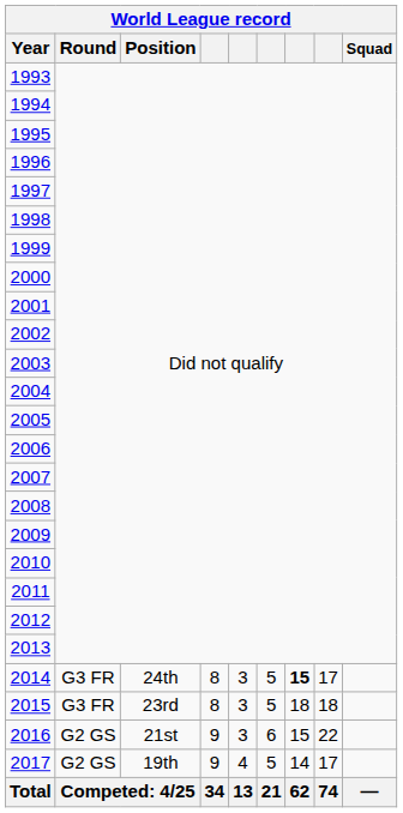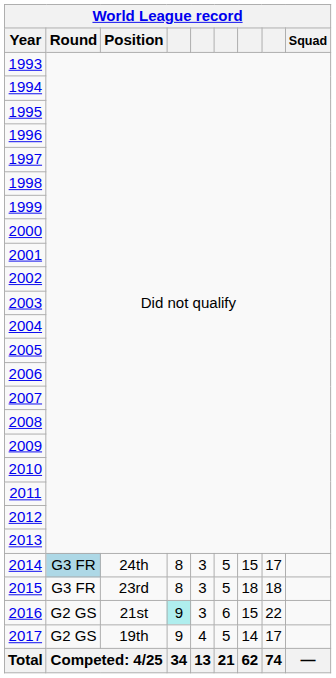 <table class="wikitable" style="text-align: center;">
 <tr>
 <th colspan=9><a href='#'>World League record</a></th>
 </tr>
 <tr>
 <th>Year</th>
 <th>Round</th>
 <th>Position</th>
 <th></th>
 <th></th>
 <th></th>
 <th></th>
 <th></th>
 <th><small>Squad</small></th>
 </tr>
 <tr>
 <td> <a href='#'>1993</a></td>
 <td colspan=8 rowspan=21>Did not qualify</td>
 </tr>
 <tr>
 <td> <a href='#'>1994</a></td>
 </tr>
 <tr>
 <td> <a href='#'>1995</a></td>
 </tr>
 <tr>
 <td> <a href='#'>1996</a></td>
 </tr>
 <tr>
 <td> <a href='#'>1997</a></td>
 </tr>
 <tr>
 <td> <a href='#'>1998</a></td>
 </tr>
 <tr>
 <td> <a href='#'>1999</a></td>
 </tr>
 <tr>
 <td> <a href='#'>2000</a></td>
 </tr>
 <tr>
 <td> <a href='#'>2001</a></td>
 </tr>
 <tr>
 <td> <a href='#'>2002</a></td>
 </tr>
 <tr>
 <td> <a href='#'>2003</a></td>
 </tr>
 <tr>
 <td> <a href='#'>2004</a></td>
 </tr>
 <tr>
 <td> <a href='#'>2005</a></td>
 </tr>
 <tr>
 <td> <a href='#'>2006</a></td>
 </tr>
 <tr>
 <td> <a href='#'>2007</a></td>
 </tr>
 <tr>
 <td> <a href='#'>2008</a></td>
 </tr>
 <tr>
 <td> <a href='#'>2009</a></td>
 </tr>
 <tr>
 <td> <a href='#'>2010</a></td>
 </tr>
 <tr>
 <td> <a href='#'>2011</a></td>
 </tr>
 <tr>
 <td> <a href='#'>2012</a></td>
 </tr>
 <tr>
 <td> <a href='#'>2013</a></td>
 </tr>
 <tr>
 <td> <a href='#'>2014</a></td>
-<td>G3 FR</td>
+<td style="background: lightblue;">G3 FR</td>
 <td>24th</td>
 <td>8</td>
 <td>3</td>
 <td>5</td>
-<td><strong>15</strong></td>
+<td>15</td>
 <td>17</td>
 <td></td>
 </tr>
 <tr>
 <td> <a href='#'>2015</a></td>
 <td>G3 FR</td>
 <td>23rd</td>
 <td>8</td>
 <td>3</td>
 <td>5</td>
 <td>18</td>
 <td>18</td>
 <td></td>
 </tr>
 <tr>
 <td> <a href='#'>2016</a></td>
 <td>G2 GS</td>
 <td>21st</td>
-<td>9</td>
+<td style="background: paleturquoise;">9</td>
 <td>3</td>
 <td>6</td>
 <td>15</td>
 <td>22</td>
 <td></td>
 </tr>
 <tr>
 <td> <a href='#'>2017</a></td>
 <td>G2 GS</td>
 <td>19th</td>
 <td>9</td>
 <td>4</td>
 <td>5</td>
 <td>14</td>
 <td>17</td>
 <td></td>
 </tr>
 <tr bgcolor="efefef">
 <th>Total</th>
 <th colspan="2">Competed: 4/25</th>
 <th>34</th>
 <th>13</th>
 <th>21</th>
 <th>62</th>
 <th>74</th>
 <th>—</th>
 </tr>
 </table>
